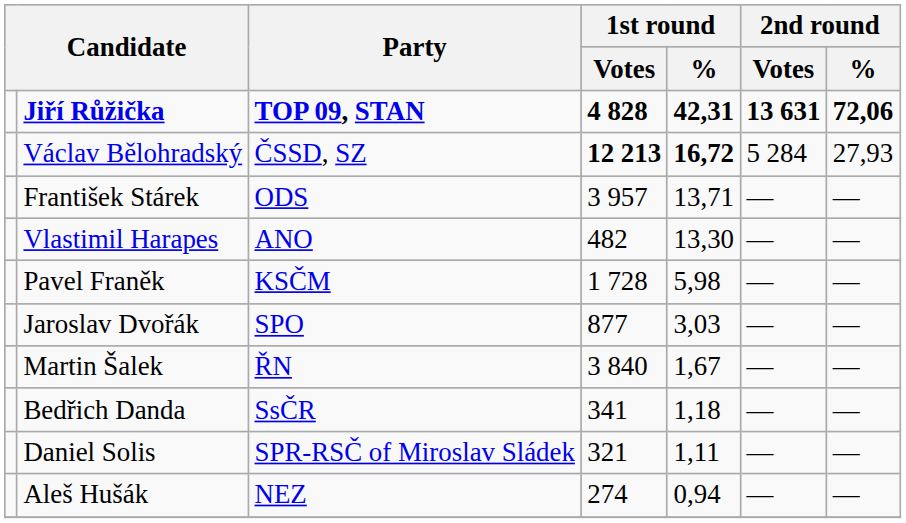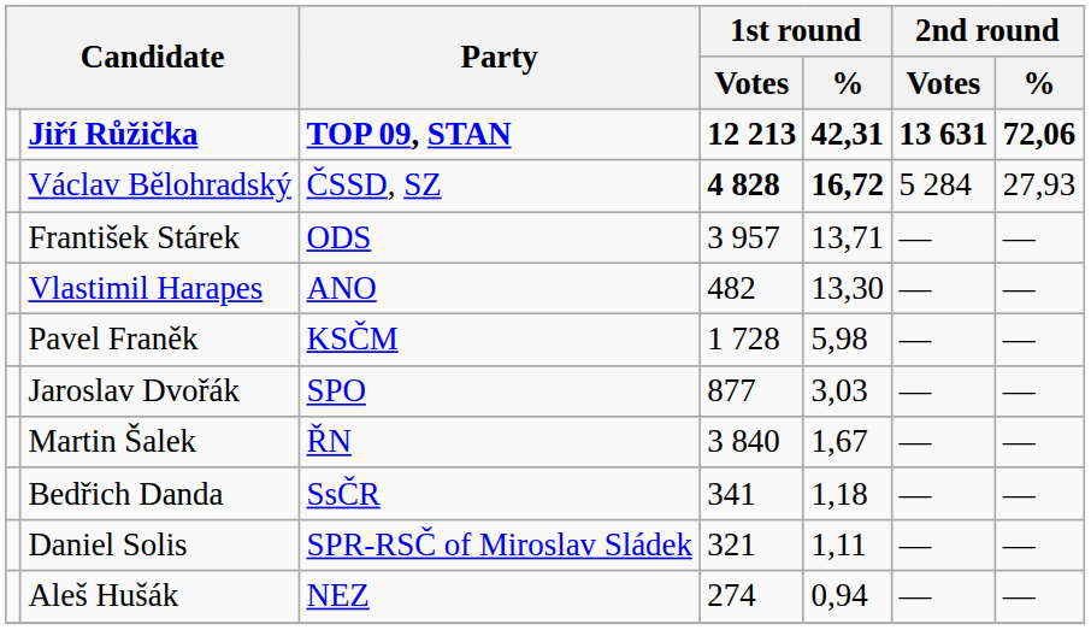 <table class="wikitable sortable">
 <tr>
 <th colspan="2" rowspan="2">Candidate</th>
 <th rowspan="2">Party</th>
 <th colspan="2">1st round</th>
 <th colspan="2">2nd round</th>
 </tr>
 <tr>
 <th>Votes</th>
 <th>%</th>
 <th>Votes</th>
 <th>%</th>
 </tr>
 <tr>
 <td style="background-color:"></td>
 <td><strong><a href='#'>Jiří Růžička</a></strong></td>
 <td><strong><a href='#'>TOP 09</a>, <a href='#'>STAN</a></strong></td>
-<td><strong>4 828</strong></td>
+<td><strong>12 213</strong></td>
 <td><strong>42,31</strong></td>
 <td><strong>13 631</strong></td>
 <td><strong>72,06</strong></td>
 </tr>
 <tr>
 <td style="background-color:"></td>
 <td><a href='#'>Václav Bělohradský</a></td>
 <td><a href='#'>ČSSD</a>, <a href='#'>SZ</a></td>
-<td><strong>12 213</strong></td>
+<td><strong>4 828</strong></td>
 <td><strong>16,72</strong></td>
 <td>5 284</td>
 <td>27,93</td>
 </tr>
 <tr>
 <td style="background-color:"></td>
 <td>František Stárek</td>
 <td><a href='#'>ODS</a></td>
 <td>3 957</td>
 <td>13,71</td>
 <td>—</td>
 <td>—</td>
 </tr>
 <tr>
 <td style="background-color:"></td>
 <td><a href='#'>Vlastimil Harapes</a></td>
 <td><a href='#'>ANO</a></td>
 <td>482</td>
 <td>13,30</td>
 <td>—</td>
 <td>—</td>
 </tr>
 <tr>
 <td style="background-color:"></td>
 <td>Pavel Franěk</td>
 <td><a href='#'>KSČM</a></td>
 <td>1 728</td>
 <td>5,98</td>
 <td>—</td>
 <td>—</td>
 </tr>
 <tr>
 <td style="background-color:"></td>
 <td>Jaroslav Dvořák</td>
 <td><a href='#'>SPO</a></td>
 <td>877</td>
 <td>3,03</td>
 <td>—</td>
 <td>—</td>
 </tr>
 <tr>
 <td style="background-color:"></td>
 <td>Martin Šalek</td>
 <td><a href='#'>ŘN</a></td>
 <td>3 840</td>
 <td>1,67</td>
 <td>—</td>
 <td>—</td>
 </tr>
 <tr>
 <td style="background-color:"></td>
 <td>Bedřich Danda</td>
 <td><a href='#'>SsČR</a></td>
 <td>341</td>
 <td>1,18</td>
 <td>—</td>
 <td>—</td>
 </tr>
 <tr>
 <td style="background-color:"></td>
 <td>Daniel Solis</td>
 <td><a href='#'>SPR-RSČ of Miroslav Sládek</a></td>
 <td>321</td>
 <td>1,11</td>
 <td>—</td>
 <td>—</td>
 </tr>
 <tr>
 <td style="background-color:"></td>
 <td>Aleš Hušák</td>
 <td><a href='#'>NEZ</a></td>
 <td>274</td>
 <td>0,94</td>
 <td>—</td>
 <td>—</td>
 </tr>
 <tr>
 </tr>
 </table>
